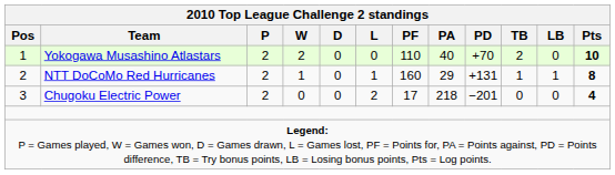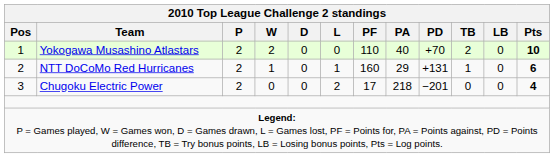 <table class="wikitable" style="text-align:center; font-size:100%; width:60%;">
 <tr>
 <th colspan="100%" cellpadding="0" cellspacing="0"><strong>2010 Top League Challenge 2 standings</strong></th>
 </tr>
 <tr>
 <th style="width:6%;">Pos</th>
 <th style="width:34%;">Team</th>
 <th style="width:6%;">P</th>
 <th style="width:6%;">W</th>
 <th style="width:6%;">D</th>
 <th style="width:6%;">L</th>
 <th style="width:6%;">PF</th>
 <th style="width:6%;">PA</th>
 <th style="width:6%;">PD</th>
 <th style="width:6%;">TB</th>
 <th style="width:6%;">LB</th>
 <th style="width:6%;">Pts<br></th>
 </tr>
 <tr style="background:#E8FFD8;">
 <td>1</td>
 <td style="text-align:left;"><a href='#'>Yokogawa Musashino Atlastars</a></td>
 <td>2</td>
 <td>2</td>
 <td>0</td>
 <td>0</td>
 <td>110</td>
 <td>40</td>
 <td>+70</td>
 <td>2</td>
 <td>0</td>
 <td><strong>10</strong></td>
 </tr>
 <tr>
 <td>2</td>
 <td style="text-align:left;"><a href='#'>NTT DoCoMo Red Hurricanes</a></td>
 <td>2</td>
 <td>1</td>
 <td>0</td>
 <td>1</td>
 <td>160</td>
 <td>29</td>
 <td>+131</td>
 <td>1</td>
-<td>1</td>
-<td><strong>8</strong></td>
+<td>0</td>
+<td><strong>6</strong></td>
 </tr>
 <tr>
 <td>3</td>
 <td style="text-align:left;"><a href='#'>Chugoku Electric Power</a></td>
 <td>2</td>
 <td>0</td>
 <td>0</td>
 <td>2</td>
 <td>17</td>
 <td>218</td>
 <td>−201</td>
 <td>0</td>
 <td>0</td>
 <td><strong>4</strong></td>
 </tr>
 <tr>
 <td colspan="100%" style="height:10px;"></td>
 </tr>
 <tr>
 <td colspan="100%"><small><strong>Legend:</strong> <br> P = Games played, W = Games won, D = Games drawn, L = Games lost, PF = Points for, PA = Points against, PD = Points difference, TB = Try bonus points, LB = Losing bonus points, Pts = Log points.</small></td>
 </tr>
 </table>
